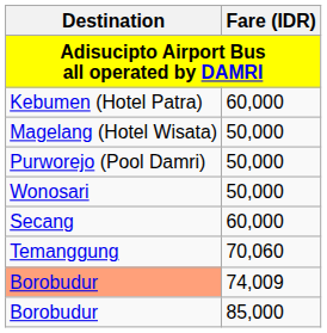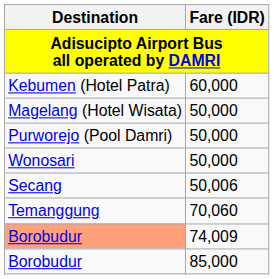 <table class=wikitable style="text-align:left; font-size:95%; border:1px solid black">
 <tr>
 <th>Destination</th>
 <th>Fare (IDR)</th>
 </tr>
 <tr>
 <th colspan=2 style="background-color:yellow; color:black; height:35px">Adisucipto Airport Bus<br>all operated by <a href='#'>DAMRI</a></th>
 </tr>
 <tr>
 <td><a href='#'>Kebumen</a> (Hotel Patra)</td>
 <td>60,000</td>
 </tr>
 <tr>
 <td><a href='#'>Magelang</a> (Hotel Wisata)</td>
 <td>50,000</td>
 </tr>
 <tr>
 <td><a href='#'>Purworejo</a> (Pool Damri)</td>
 <td>50,000</td>
 </tr>
 <tr>
 <td><a href='#'>Wonosari</a></td>
 <td>50,000</td>
 </tr>
 <tr>
 <td><a href='#'>Secang</a></td>
-<td>60,000</td>
+<td>50,006</td>
 </tr>
 <tr>
 <td><a href='#'>Temanggung</a></td>
 <td>70,060</td>
 </tr>
 <tr>
 <td style="background: lightsalmon;"><a href='#'>Borobudur</a></td>
 <td>74,009</td>
 </tr>
 <tr>
 <td><a href='#'>Borobudur</a></td>
 <td>85,000</td>
 </tr>
 </table>
